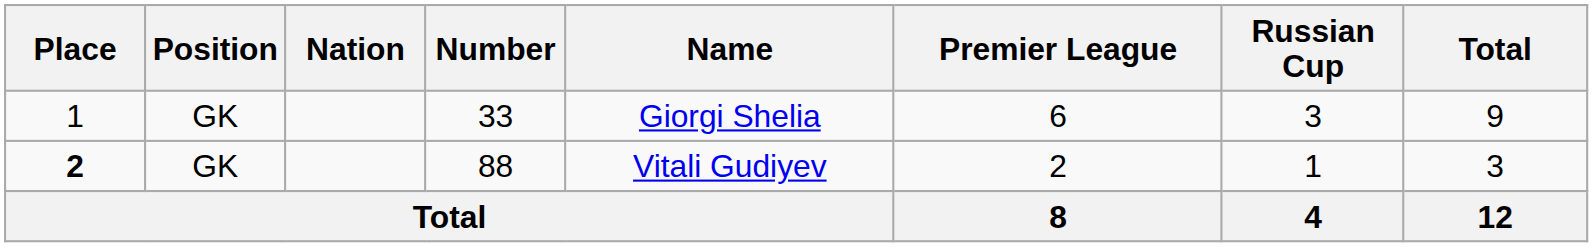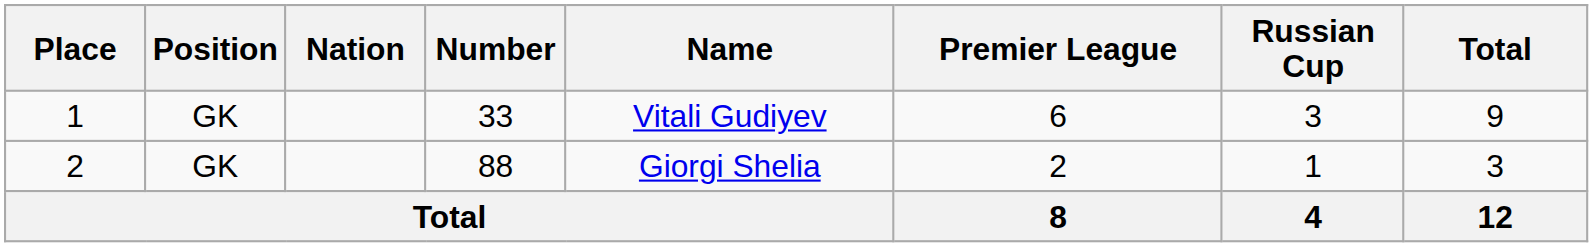 <table class="wikitable" style="font-size: 95%; text-align: center;">
 <tr>
 <th width=60>Place</th>
 <th width=60>Position</th>
 <th width=60>Nation</th>
 <th width=60>Number</th>
 <th width=150>Name</th>
 <th width=150>Premier League</th>
 <th width=80>Russian Cup</th>
 <th width=80>Total</th>
 </tr>
 <tr>
 <td>1</td>
 <td>GK</td>
 <td></td>
 <td>33</td>
-<td><a href='#'>Giorgi Shelia</a></td>
+<td><a href='#'>Vitali Gudiyev</a></td>
 <td>6</td>
 <td>3</td>
 <td>9</td>
 </tr>
 <tr>
-<td><strong>2</strong></td>
+<td>2</td>
 <td>GK</td>
 <td></td>
 <td>88</td>
-<td><a href='#'>Vitali Gudiyev</a></td>
+<td><a href='#'>Giorgi Shelia</a></td>
 <td>2</td>
 <td>1</td>
 <td>3</td>
 </tr>
 <tr>
 <th colspan=5>Total</th>
 <th>8</th>
 <th>4</th>
 <th>12</th>
 </tr>
 </table>
